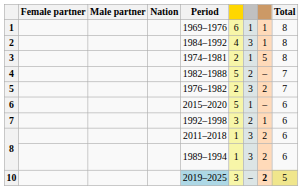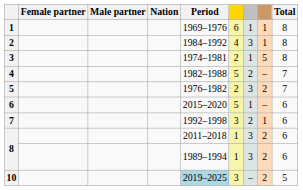 <table class="wikitable unsortable" style="text-align:center">
 <tr>
 <th scope="col"></th>
 <th scope="col">Female partner</th>
 <th scope="col">Male partner</th>
 <th scope="col">Nation</th>
 <th scope="col">Period</th>
 <th scope="col" style="width:1em; background-color:gold"></th>
 <th scope="col" style="width:1em;background-color:silver"></th>
 <th scope="col" style="width:1em;background-color:#CC9966"></th>
 <th scope="col">Total</th>
 </tr>
 <tr>
 <th scope="row">1</th>
 <td align="left"></td>
 <td align="left"></td>
 <td align="left"></td>
 <td>1969–1976</td>
 <td bgcolor="#F7F6A8">6</td>
 <td bgcolor="#DCE5E5">1</td>
 <td bgcolor="#FFDAB9">1</td>
 <td>8</td>
 </tr>
 <tr>
 <th scope="row">2</th>
 <td align="left"></td>
 <td align="left"></td>
 <td align="left"><br></td>
 <td>1984–1992</td>
 <td bgcolor="#F7F6A8">4</td>
 <td bgcolor="#DCE5E5">3</td>
 <td bgcolor="#FFDAB9">1</td>
 <td>8</td>
 </tr>
 <tr>
 <th scope="row">3</th>
 <td align="left"></td>
 <td align="left"></td>
 <td align="left"></td>
 <td>1974–1981</td>
 <td bgcolor="#F7F6A8">2</td>
 <td bgcolor="#DCE5E5">1</td>
 <td bgcolor="#FFDAB9">5</td>
 <td>8</td>
 </tr>
 <tr>
 <th scope="row">4</th>
 <td align="left"></td>
 <td align="left"></td>
 <td align="left"></td>
 <td>1982–1988</td>
 <td bgcolor="#F7F6A8">5</td>
 <td bgcolor="#DCE5E5">2</td>
 <td bgcolor="#FFDAB9">–</td>
 <td>7</td>
 </tr>
 <tr>
 <th scope="row">5</th>
 <td align="left"></td>
 <td align="left"></td>
 <td align="left"></td>
 <td>1976–1982</td>
 <td bgcolor="#F7F6A8">2</td>
 <td bgcolor="#DCE5E5">3</td>
 <td bgcolor="#FFDAB9">2</td>
 <td>7</td>
 </tr>
 <tr>
 <th scope="row">6</th>
 <td align="left"></td>
 <td align="left"></td>
 <td align="left"></td>
 <td>2015–2020</td>
 <td bgcolor="#F7F6A8">5</td>
 <td bgcolor="#DCE5E5">1</td>
 <td bgcolor="#FFDAB9">–</td>
 <td>6</td>
 </tr>
 <tr>
 <th scope="row">7</th>
 <td align="left"></td>
 <td align="left"></td>
 <td align="left"><br></td>
 <td>1992–1998</td>
 <td bgcolor="#F7F6A8">3</td>
 <td bgcolor="#DCE5E5">2</td>
 <td bgcolor="#FFDAB9">1</td>
 <td>6</td>
 </tr>
 <tr>
 <th scope="row" rowspan="2">8</th>
 <td align="left"></td>
 <td align="left"></td>
 <td align="left"></td>
 <td>2011–2018</td>
 <td bgcolor="#F7F6A8">1</td>
 <td bgcolor="#DCE5E5">3</td>
 <td bgcolor="#FFDAB9">2</td>
 <td>6</td>
 </tr>
 <tr>
 <td align="left"></td>
 <td align="left"></td>
 <td align="left"><br><br></td>
 <td>1989–1994</td>
 <td bgcolor="#F7F6A8">1</td>
 <td bgcolor="#DCE5E5">3</td>
 <td bgcolor="#FFDAB9">2</td>
 <td>6</td>
 </tr>
 <tr>
 <th scope="row">10</th>
 <td align="left"></td>
 <td align="left"></td>
 <td align="left"></td>
 <td style="background: lightblue;">2019–2025</td>
 <td bgcolor="#F7F6A8">3</td>
 <td bgcolor="#DCE5E5">–</td>
-<td bgcolor="#FFDAB9"><strong>2</strong></td>
-<td style="background: khaki;">5</td>
+<td bgcolor="#FFDAB9">2</td>
+<td>5</td>
 </tr>
 </table>
